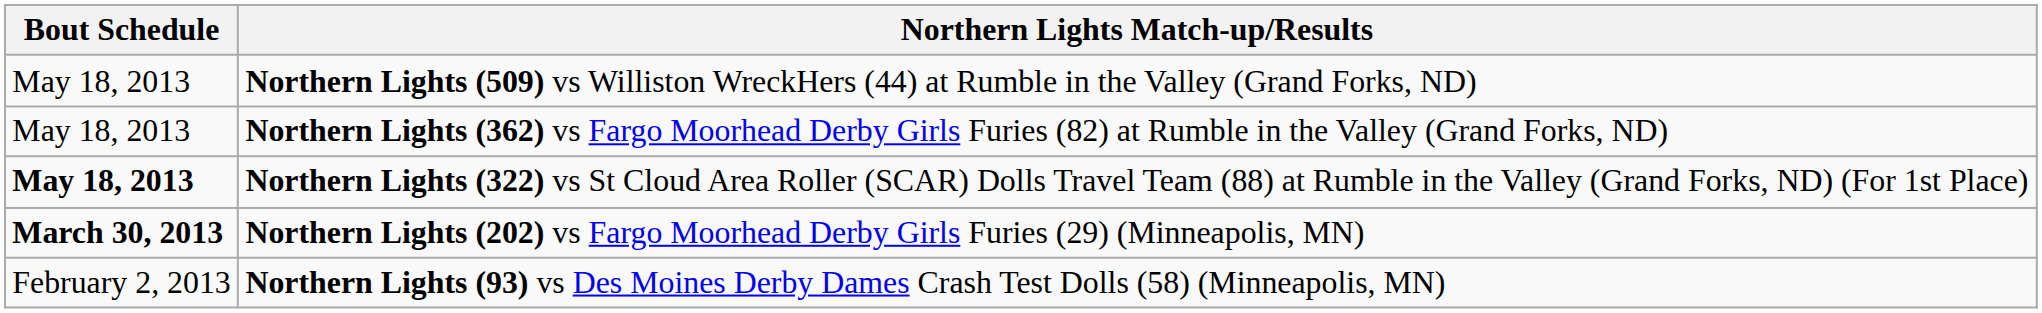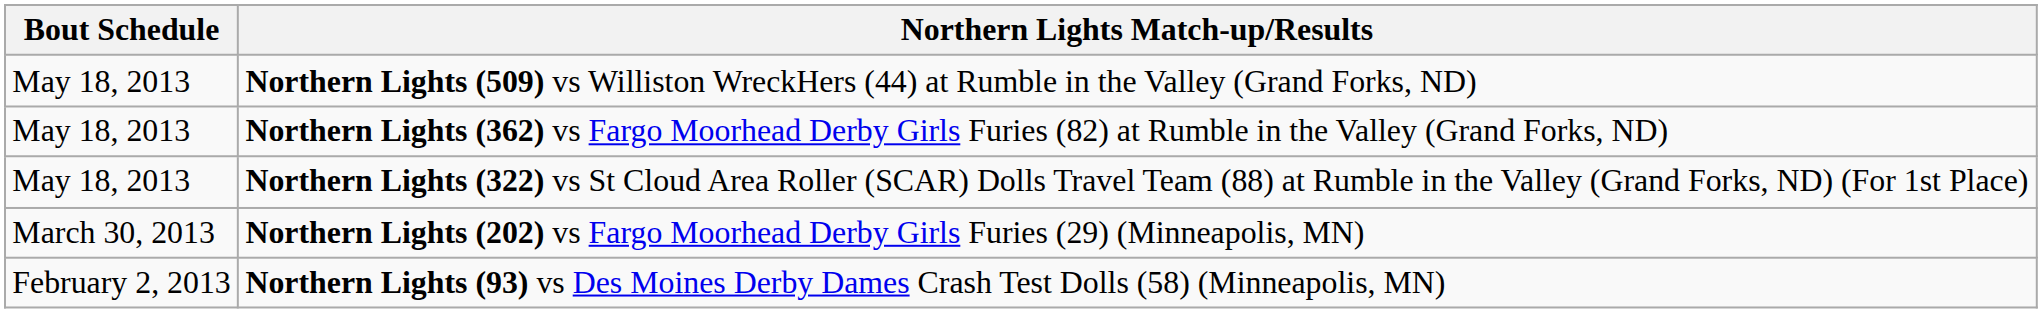 <table class="wikitable">
 <tr>
 <th>Bout Schedule</th>
 <th>Northern Lights Match-up/Results</th>
 </tr>
 <tr>
 <td>May 18, 2013</td>
 <td><strong>Northern Lights (509)</strong> vs Williston WreckHers (44) at Rumble in the Valley (Grand Forks, ND)</td>
 </tr>
 <tr>
 <td>May 18, 2013</td>
 <td><strong>Northern Lights (362)</strong> vs <a href='#'>Fargo Moorhead Derby Girls</a> Furies (82) at Rumble in the Valley (Grand Forks, ND)</td>
 </tr>
 <tr>
-<td><strong>May 18, 2013</strong></td>
+<td>May 18, 2013</td>
 <td><strong>Northern Lights (322)</strong> vs St Cloud Area Roller (SCAR) Dolls Travel Team (88) at Rumble in the Valley (Grand Forks, ND) (For 1st Place)</td>
 </tr>
 <tr>
-<td><strong>March 30, 2013</strong></td>
+<td>March 30, 2013</td>
 <td><strong>Northern Lights (202)</strong> vs <a href='#'>Fargo Moorhead Derby Girls</a> Furies (29) (Minneapolis, MN)</td>
 </tr>
 <tr>
 <td>February 2, 2013</td>
 <td><strong>Northern Lights (93)</strong> vs <a href='#'>Des Moines Derby Dames</a> Crash Test Dolls (58) (Minneapolis, MN)</td>
 </tr>
 </table>
